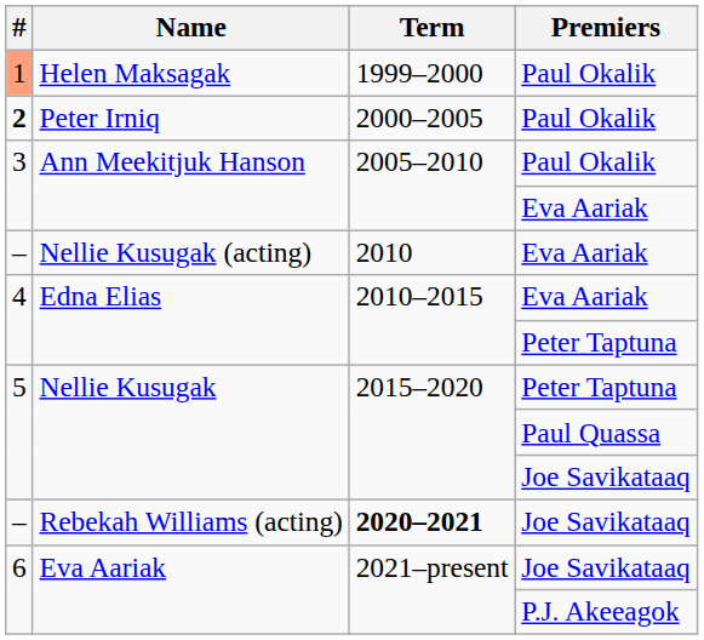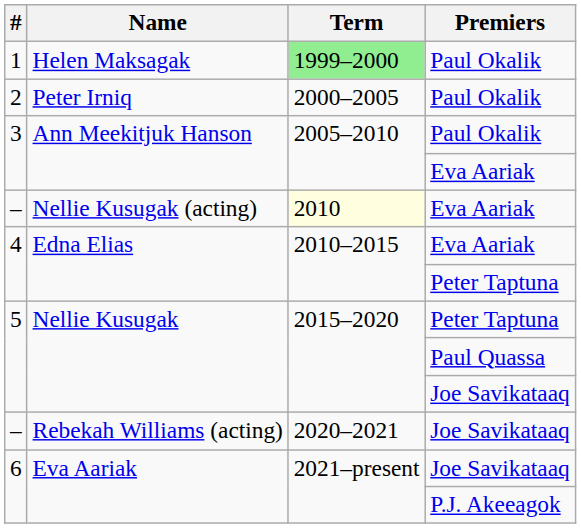 <table class="wikitable">
 <tr valign=top style="font-weight:bold; background-color: #DDDDDD">
 <th>#</th>
 <th>Name</th>
 <th>Term</th>
 <th>Premiers</th>
 </tr>
 <tr valign=top>
-<td style="background: lightsalmon;">1</td>
+<td>1</td>
 <td><a href='#'>Helen Maksagak</a></td>
-<td>1999–2000</td>
+<td style="background: lightgreen;">1999–2000</td>
 <td><a href='#'>Paul Okalik</a></td>
 </tr>
 <tr valign=top>
-<td><strong>2</strong></td>
+<td>2</td>
 <td><a href='#'>Peter Irniq</a></td>
 <td>2000–2005</td>
 <td><a href='#'>Paul Okalik</a></td>
 </tr>
 <tr valign=top>
 <td rowspan="2">3</td>
 <td rowspan="2"><a href='#'>Ann Meekitjuk Hanson</a></td>
 <td rowspan="2">2005–2010</td>
 <td><a href='#'>Paul Okalik</a></td>
 </tr>
 <tr>
 <td><a href='#'>Eva Aariak</a></td>
 </tr>
 <tr valign="top">
 <td>–</td>
 <td><a href='#'>Nellie Kusugak</a> (acting)</td>
-<td>2010</td>
+<td style="background: lightyellow;">2010</td>
 <td><a href='#'>Eva Aariak</a></td>
 </tr>
 <tr valign="top">
 <td rowspan="2">4</td>
 <td rowspan="2"><a href='#'>Edna Elias</a></td>
 <td rowspan="2">2010–2015</td>
 <td><a href='#'>Eva Aariak</a></td>
 </tr>
 <tr>
 <td><a href='#'>Peter Taptuna</a></td>
 </tr>
 <tr valign="top">
 <td rowspan="3">5</td>
 <td rowspan="3"><a href='#'>Nellie Kusugak</a></td>
 <td rowspan="3">2015–2020</td>
 <td><a href='#'>Peter Taptuna</a></td>
 </tr>
 <tr>
 <td><a href='#'>Paul Quassa</a></td>
 </tr>
 <tr>
 <td><a href='#'>Joe Savikataaq</a></td>
 </tr>
 <tr valign="top">
 <td>–</td>
 <td><a href='#'>Rebekah Williams</a> (acting)</td>
-<td><strong>2020–2021</strong></td>
+<td>2020–2021</td>
 <td><a href='#'>Joe Savikataaq</a></td>
 </tr>
 <tr valign="top">
 <td rowspan="2">6</td>
 <td rowspan="2"><a href='#'>Eva Aariak</a></td>
 <td rowspan="2">2021–present</td>
 <td><a href='#'>Joe Savikataaq</a></td>
 </tr>
 <tr>
 <td><a href='#'>P.J. Akeeagok</a></td>
 </tr>
 </table>
